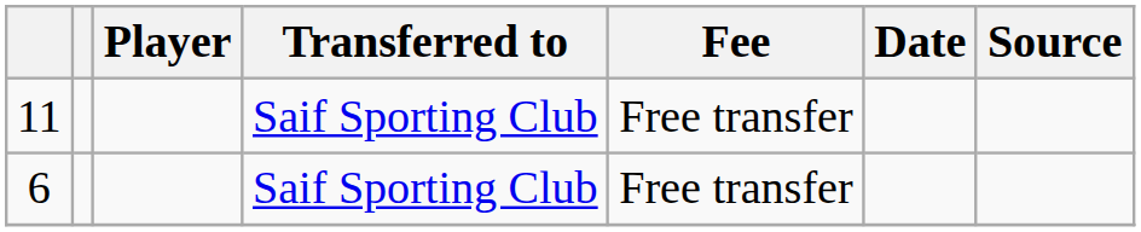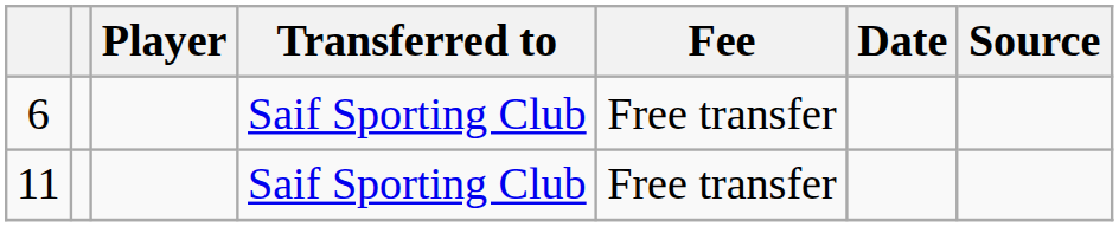 <table class="wikitable plainrowheaders sortable">
 <tr>
 <th></th>
 <th></th>
 <th>Player</th>
 <th>Transferred to</th>
 <th>Fee</th>
 <th>Date</th>
 <th>Source</th>
 </tr>
 <tr>
-<td align=center>11</td>
+<td align=center>6</td>
 <td align=center></td>
 <td></td>
 <td> <a href='#'>Saif Sporting Club</a></td>
 <td>Free transfer</td>
 <td></td>
 <td></td>
 </tr>
 <tr>
-<td align=center>6</td>
+<td align=center>11</td>
 <td align=center></td>
 <td></td>
 <td> <a href='#'>Saif Sporting Club</a></td>
 <td>Free transfer</td>
 <td></td>
 <td></td>
 </tr>
 <tr>
 </tr>
 </table>
